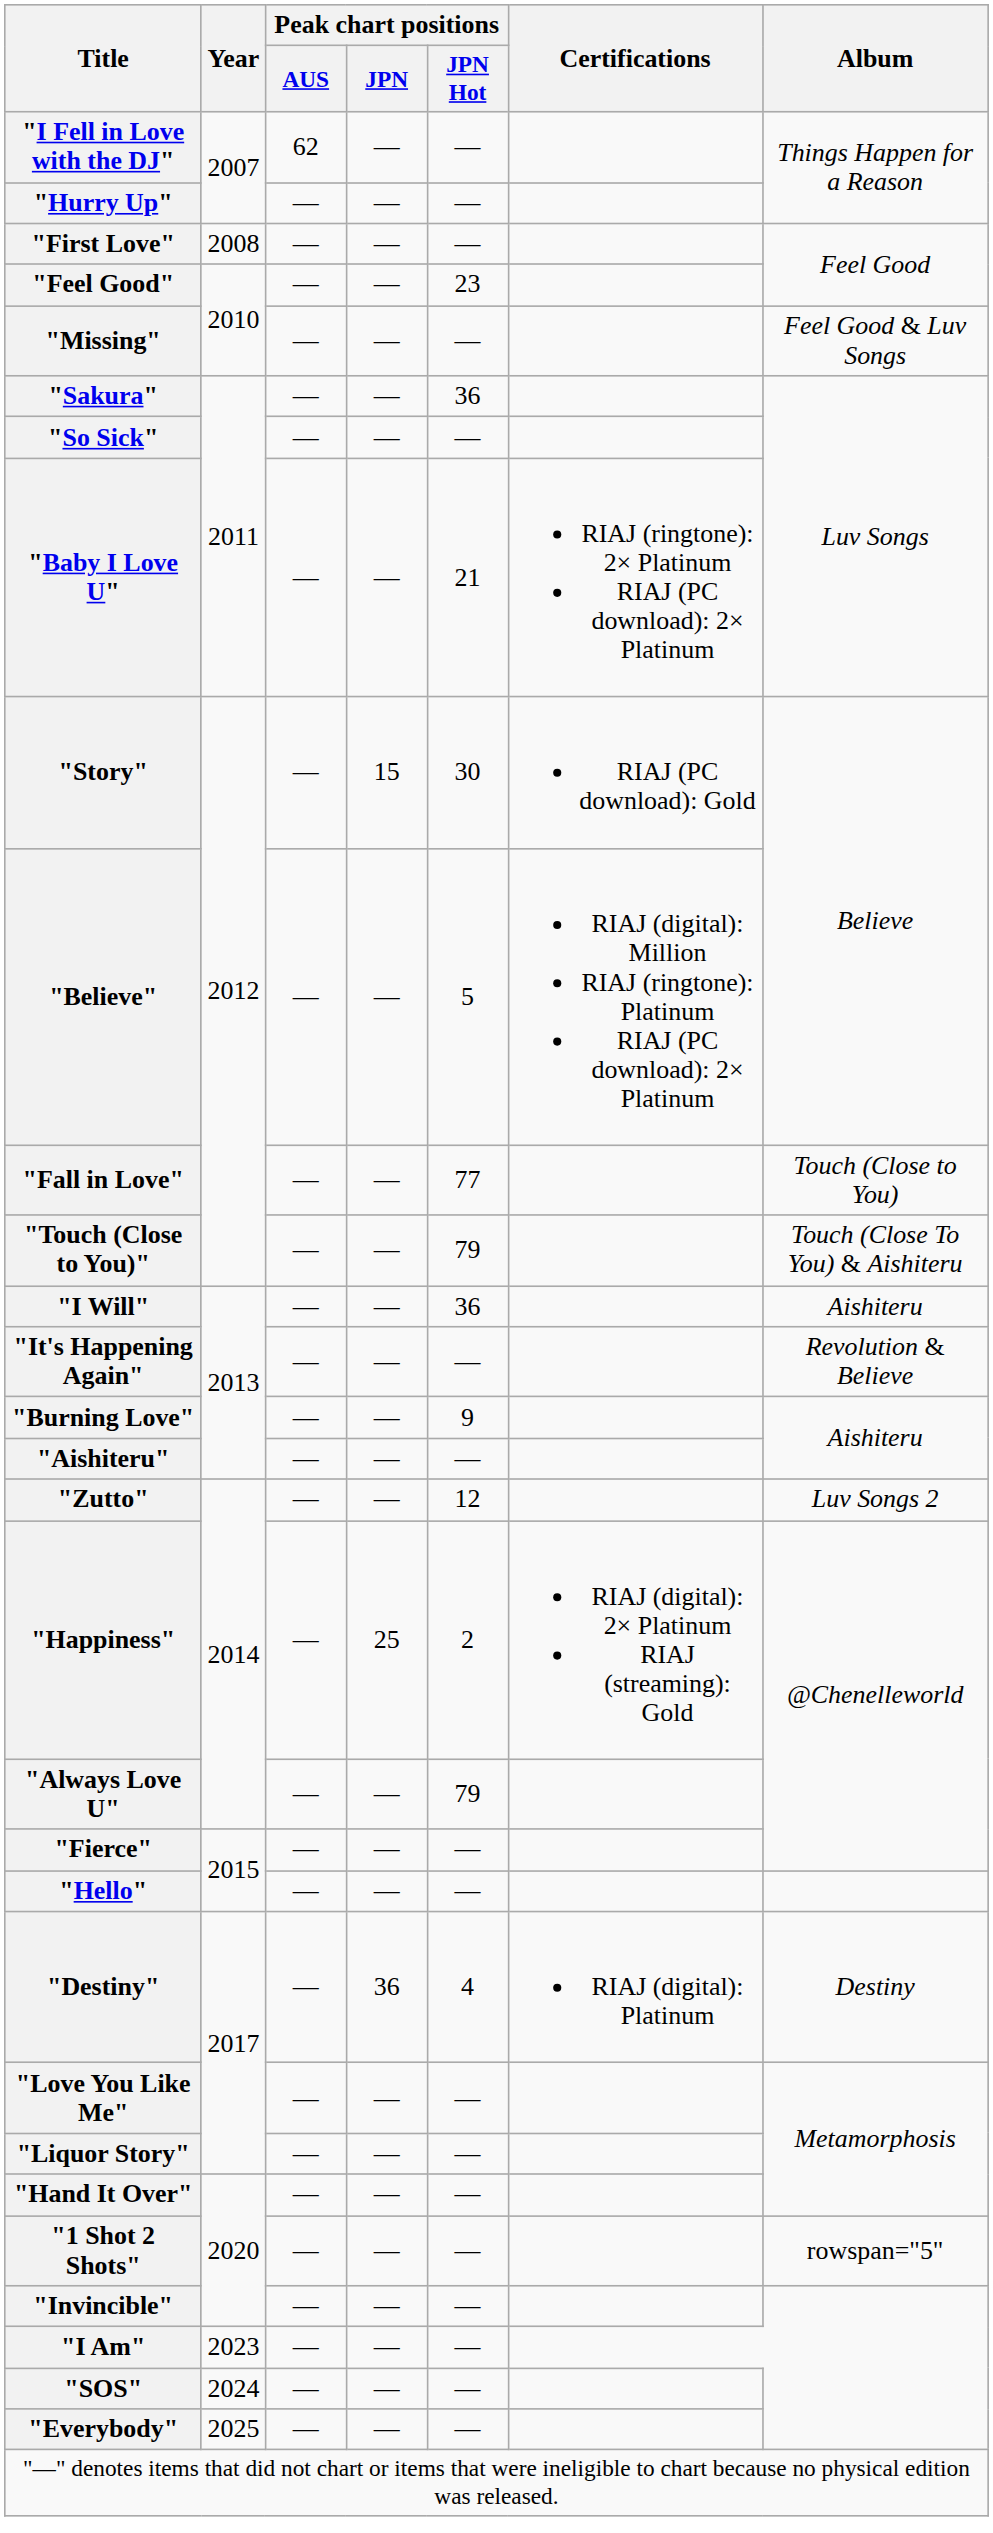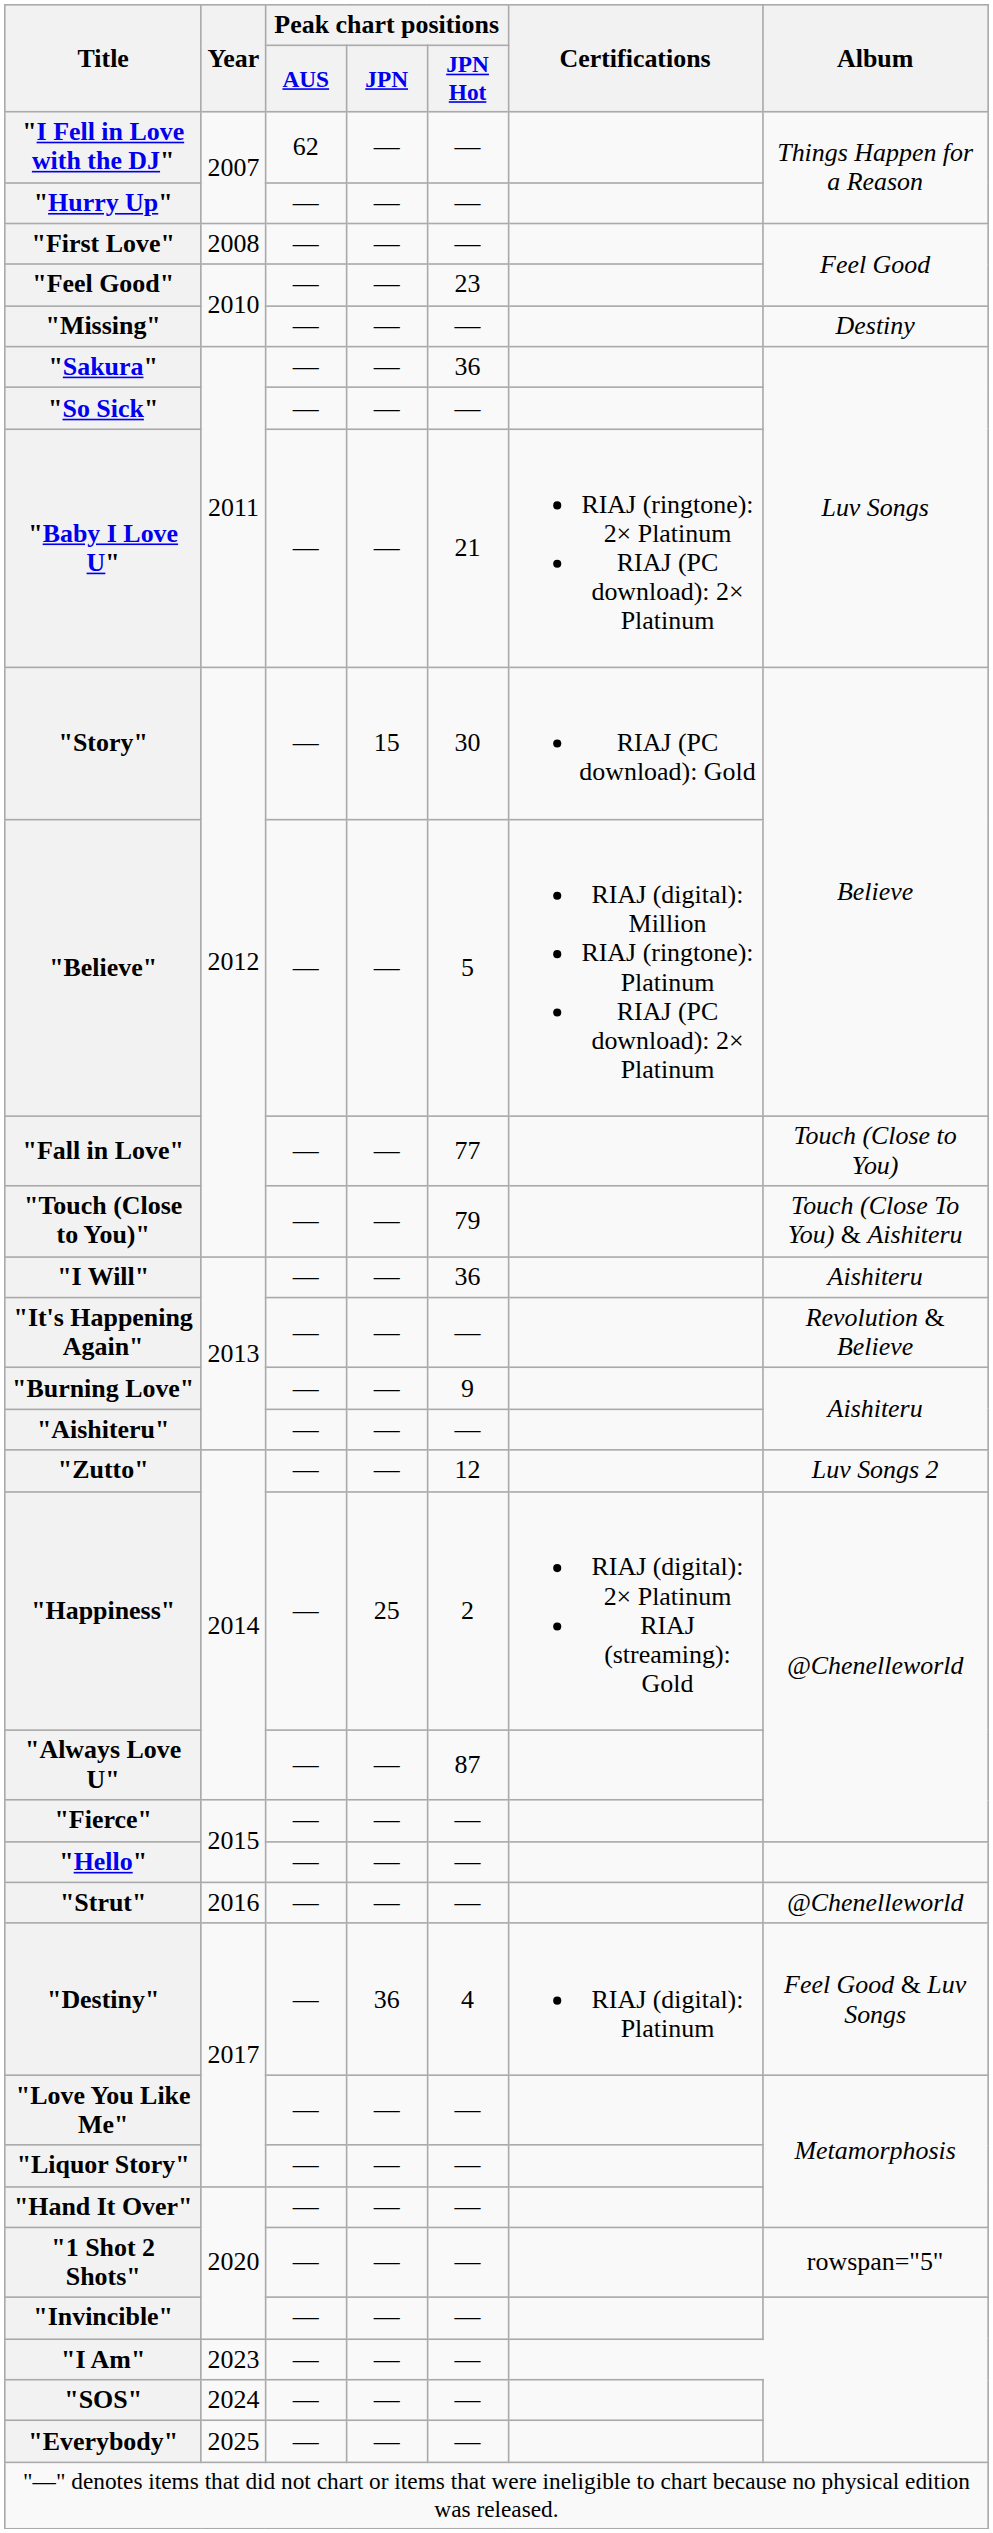 <table class="wikitable plainrowheaders" style="text-align:center;">
 <tr>
 <th rowspan="2" scope="col">Title</th>
 <th rowspan="2" scope="col">Year</th>
 <th colspan="3">Peak chart positions</th>
 <th rowspan="2" scope="col">Certifications</th>
 <th rowspan="2" scope="col">Album</th>
 </tr>
 <tr>
 <th scope="col" style="width:3em;font-size:90%;"><a href='#'>AUS</a><br></th>
 <th scope="col" style="width:3em;font-size:90%;"><a href='#'>JPN</a><br></th>
 <th scope="col" style="width:3em;font-size:90%;"><a href='#'>JPN<br>Hot</a><br></th>
 </tr>
 <tr>
 <th scope="row">"<a href='#'>I Fell in Love with the DJ</a>"</th>
 <td rowspan="2">2007</td>
 <td>62</td>
 <td>—</td>
 <td>—</td>
 <td></td>
 <td rowspan="2"><em>Things Happen for a Reason</em></td>
 </tr>
 <tr>
 <th scope="row">"<a href='#'>Hurry Up</a>"</th>
 <td>—</td>
 <td>—</td>
 <td>—</td>
 <td></td>
 </tr>
 <tr>
 <th scope="row">"First Love"<br></th>
 <td>2008</td>
 <td>—</td>
 <td>—</td>
 <td>—</td>
 <td></td>
 <td rowspan="2"><em>Feel Good</em></td>
 </tr>
 <tr>
 <th scope="row">"Feel Good"</th>
 <td rowspan="2">2010</td>
 <td>—</td>
 <td>—</td>
 <td>23</td>
 <td></td>
 </tr>
 <tr>
 <th scope="row">"Missing"</th>
 <td>—</td>
 <td>—</td>
 <td>—</td>
 <td></td>
-<td><em>Feel Good</em> & <em>Luv Songs</em></td>
+<td><em>Destiny</em></td>
 </tr>
 <tr>
 <th scope="row">"<a href='#'>Sakura</a>"</th>
 <td rowspan="3">2011</td>
 <td>—</td>
 <td>—</td>
 <td>36</td>
 <td></td>
 <td rowspan="3"><em>Luv Songs</em></td>
 </tr>
 <tr>
 <th scope="row">"<a href='#'>So Sick</a>"</th>
 <td>—</td>
 <td>—</td>
 <td>—</td>
 <td></td>
 </tr>
 <tr>
 <th scope="row">"<a href='#'>Baby I Love U</a>"</th>
 <td>—</td>
 <td>—</td>
 <td>21</td>
 <td><br><ul><li>RIAJ <span>(ringtone)</span>: 2× Platinum</li><li>RIAJ <span>(PC download)</span>: 2× Platinum</li></ul></td>
 </tr>
 <tr>
 <th scope="row">"Story"</th>
 <td rowspan="4">2012</td>
 <td>—</td>
 <td>15</td>
 <td>30</td>
 <td><br><ul><li>RIAJ <span>(PC download)</span>: Gold</li></ul></td>
 <td rowspan="2"><em>Believe</em></td>
 </tr>
 <tr>
 <th scope="row">"Believe"</th>
 <td>—</td>
 <td>—</td>
 <td>5</td>
 <td><br><ul><li>RIAJ <span>(digital)</span>: Million</li><li>RIAJ <span>(ringtone)</span>: Platinum</li><li>RIAJ <span>(PC download)</span>: 2× Platinum</li></ul></td>
 </tr>
 <tr>
 <th scope="row">"Fall in Love"</th>
 <td>—</td>
 <td>—</td>
 <td>77</td>
 <td></td>
 <td><em>Touch (Close to You)</em></td>
 </tr>
 <tr>
 <th scope="row">"Touch (Close to You)"</th>
 <td>—</td>
 <td>—</td>
 <td>79</td>
 <td></td>
 <td><em>Touch (Close To You)</em> & <em>Aishiteru</em></td>
 </tr>
 <tr>
 <th scope="row">"I Will"</th>
 <td rowspan="4">2013</td>
 <td>—</td>
 <td>—</td>
 <td>36</td>
 <td></td>
 <td><em>Aishiteru</em></td>
 </tr>
 <tr>
 <th scope="row">"It's Happening Again"</th>
 <td>—</td>
 <td>—</td>
 <td>—</td>
 <td></td>
 <td><em>Revolution</em> & <em>Believe</em></td>
 </tr>
 <tr>
 <th scope="row">"Burning Love"</th>
 <td>—</td>
 <td>—</td>
 <td>9</td>
 <td></td>
 <td rowspan="2"><em>Aishiteru</em></td>
 </tr>
 <tr>
 <th scope="row">"Aishiteru"</th>
 <td>—</td>
 <td>—</td>
 <td>—</td>
 </tr>
 <tr>
 <th scope="row">"Zutto"</th>
 <td rowspan="3">2014</td>
 <td>—</td>
 <td>—</td>
 <td>12</td>
 <td></td>
 <td><em>Luv Songs 2</em></td>
 </tr>
 <tr>
 <th scope="row">"Happiness"</th>
 <td>—</td>
 <td>25</td>
 <td>2</td>
 <td><br><ul><li>RIAJ <span>(digital)</span>: 2× Platinum</li><li>RIAJ <span>(streaming)</span>: Gold</li></ul></td>
 <td rowspan="3"><em>@Chenelleworld</em></td>
 </tr>
 <tr>
 <th scope="row">"Always Love U"</th>
 <td>—</td>
 <td>—</td>
-<td>79</td>
+<td>87</td>
 <td></td>
 </tr>
 <tr>
 <th scope="row">"Fierce"</th>
 <td rowspan="2">2015</td>
 <td>—</td>
 <td>—</td>
 <td>—</td>
 <td></td>
 </tr>
 <tr>
 <th scope="row">"<a href='#'>Hello</a>"</th>
 <td>—</td>
 <td>—</td>
 <td>—</td>
 <td></td>
 <td></td>
 </tr>
 <tr>
+<th scope="row">"Strut"</th>
+<td>2016</td>
+<td>—</td>
+<td>—</td>
+<td>—</td>
+<td></td>
+<td><em>@Chenelleworld</em></td>
+</tr>
+<tr>
 <th scope="row">"Destiny"</th>
 <td rowspan="3">2017</td>
 <td>—</td>
 <td>36</td>
 <td>4</td>
 <td><br><ul><li>RIAJ <span>(digital)</span>: Platinum</li></ul></td>
-<td><em>Destiny</em></td>
+<td><em>Feel Good</em> & <em>Luv Songs</em></td>
 </tr>
 <tr>
 <th scope="row">"Love You Like Me"</th>
 <td>—</td>
 <td>—</td>
 <td>—</td>
 <td></td>
 <td rowspan="3"><em>Metamorphosis</em></td>
 </tr>
 <tr>
 <th scope="row">"Liquor Story"</th>
 <td>—</td>
 <td>—</td>
 <td>—</td>
 <td></td>
 </tr>
 <tr>
 <th scope="row">"Hand It Over"</th>
 <td rowspan="3">2020</td>
 <td>—</td>
 <td>—</td>
 <td>—</td>
 <td></td>
 </tr>
 <tr>
 <th scope="row">"1 Shot 2 Shots"</th>
 <td>—</td>
 <td>—</td>
 <td>—</td>
 <td></td>
 <td>rowspan="5" </td>
 </tr>
 <tr>
 <th scope="row">"Invincible"</th>
 <td>—</td>
 <td>—</td>
 <td>—</td>
 <td></td>
 </tr>
 <tr>
 <th scope="row">"I Am"</th>
 <td>2023</td>
 <td>—</td>
 <td>—</td>
 <td>—</td>
 </tr>
 <tr>
 <th scope="row">"SOS"</th>
 <td>2024</td>
 <td>—</td>
 <td>—</td>
 <td>—</td>
 <td></td>
 </tr>
 <tr>
 <th scope="row">"Everybody"</th>
 <td>2025</td>
 <td>—</td>
 <td>—</td>
 <td>—</td>
 <td></td>
 </tr>
 <tr>
 <td colspan="7" align="center" style="font-size:90%;">"—" denotes items that did not chart or items that were ineligible to chart because no physical edition was released.</td>
 </tr>
 </table>
